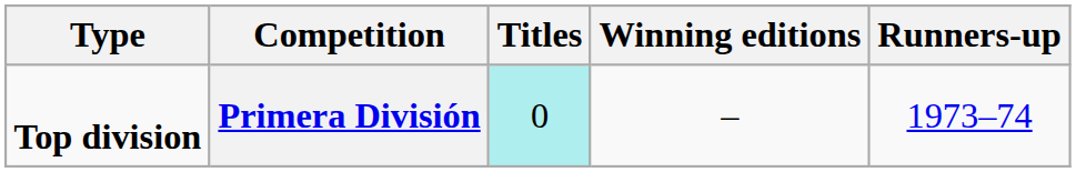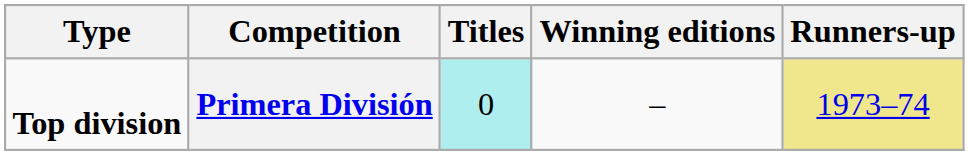 <table class="wikitable plainrowheaders" style="font-size:95%; text-align: center;">
 <tr>
 <th>Type</th>
 <th>Competition</th>
 <th>Titles</th>
 <th>Winning editions</th>
 <th>Runners-up</th>
 </tr>
 <tr>
 <td rowspan="3"><br><strong>Top division</strong></td>
 <th scope=col><a href='#'>Primera División</a></th>
 <td style="background: paleturquoise;">0</td>
 <td>–</td>
-<td><a href='#'>1973–74</a></td>
+<td style="background: khaki;"><a href='#'>1973–74</a></td>
 </tr>
 </table>
